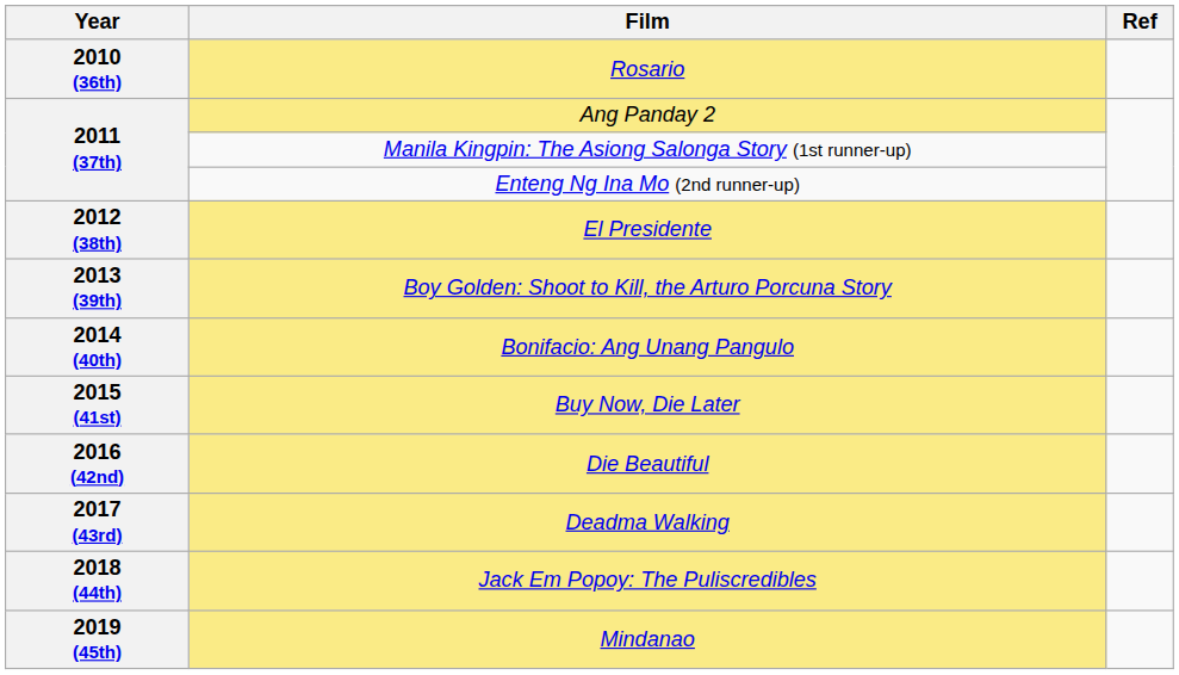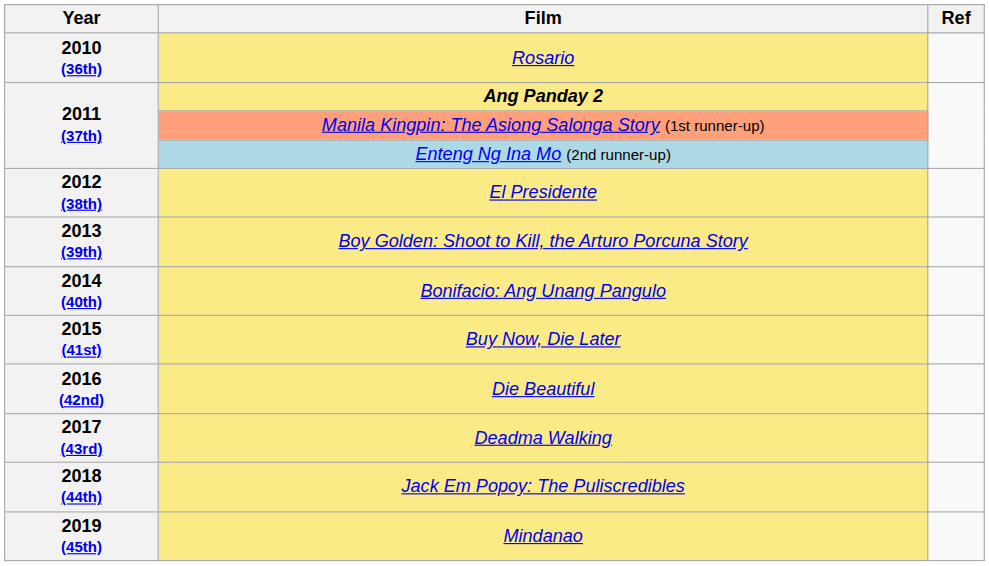 <table class="wikitable" style="text-align:center;">
 <tr style="background:#bebebe;">
 <th scope="col" style="width:8%;">Year</th>
 <th scope="col" style="width:40%;">Film</th>
 <th scope="col" style="width:2%;">Ref</th>
 </tr>
 <tr>
 <th scope="row" style="text-align:center">2010 <br><small><a href='#'>(36th)</a> </small></th>
 <td style="background:#FAEB86"><em><a href='#'>Rosario</a></em></td>
 <td></td>
 </tr>
 <tr>
 <th scope="row" style="text-align:center" rowspan=3>2011 <br><small><a href='#'>(37th)</a> </small></th>
-<td style="background:#FAEB86"><em>Ang Panday 2</em></td>
+<td style="background:#FAEB86"><strong><em>Ang Panday 2</em></strong></td>
 <td rowspan=3></td>
 </tr>
 <tr>
-<td><em><a href='#'>Manila Kingpin: The Asiong Salonga Story</a></em> <small>(1st runner-up)</small></td>
+<td style="background: lightsalmon;"><em><a href='#'>Manila Kingpin: The Asiong Salonga Story</a></em> <small>(1st runner-up)</small></td>
 </tr>
 <tr>
-<td><em><a href='#'>Enteng Ng Ina Mo</a></em> <small>(2nd runner-up)</small></td>
+<td style="background: lightblue;"><em><a href='#'>Enteng Ng Ina Mo</a></em> <small>(2nd runner-up)</small></td>
 </tr>
 <tr>
 <th scope="row" style="text-align:center">2012 <br><small><a href='#'>(38th)</a> </small></th>
 <td style="background:#FAEB86"><em><a href='#'>El Presidente</a></em></td>
 <td></td>
 </tr>
 <tr>
 <th scope="row" style="text-align:center">2013 <br><small><a href='#'>(39th)</a> </small></th>
 <td style="background:#FAEB86"><em><a href='#'>Boy Golden: Shoot to Kill, the Arturo Porcuna Story</a></em></td>
 <td></td>
 </tr>
 <tr>
 <th scope="row" style="text-align:center">2014 <br><small><a href='#'>(40th)</a> </small></th>
 <td style="background:#FAEB86"><em><a href='#'>Bonifacio: Ang Unang Pangulo</a></em></td>
 <td></td>
 </tr>
 <tr>
 <th scope="row" style="text-align:center">2015 <br><small><a href='#'>(41st)</a> </small></th>
 <td style="background:#FAEB86"><em><a href='#'>Buy Now, Die Later</a></em></td>
 <td></td>
 </tr>
 <tr>
 <th scope="row" style="text-align:center">2016 <br><small><a href='#'>(42nd)</a> </small></th>
 <td style="background:#FAEB86"><em><a href='#'>Die Beautiful</a></em></td>
 <td></td>
 </tr>
 <tr>
 <th scope="row" style="text-align:center">2017 <br><small><a href='#'>(43rd)</a> </small></th>
 <td style="background:#FAEB86"><em><a href='#'>Deadma Walking</a></em></td>
 <td></td>
 </tr>
 <tr>
 <th scope="row" style="text-align:center">2018 <br><small><a href='#'>(44th)</a> </small></th>
 <td style="background:#FAEB86"><em><a href='#'>Jack Em Popoy: The Puliscredibles</a></em></td>
 <td></td>
 </tr>
 <tr>
 <th scope="row" style="text-align:center">2019 <br><small><a href='#'>(45th)</a> </small></th>
 <td style="background:#FAEB86"><em><a href='#'>Mindanao</a></em></td>
 <td></td>
 </tr>
 </table>
